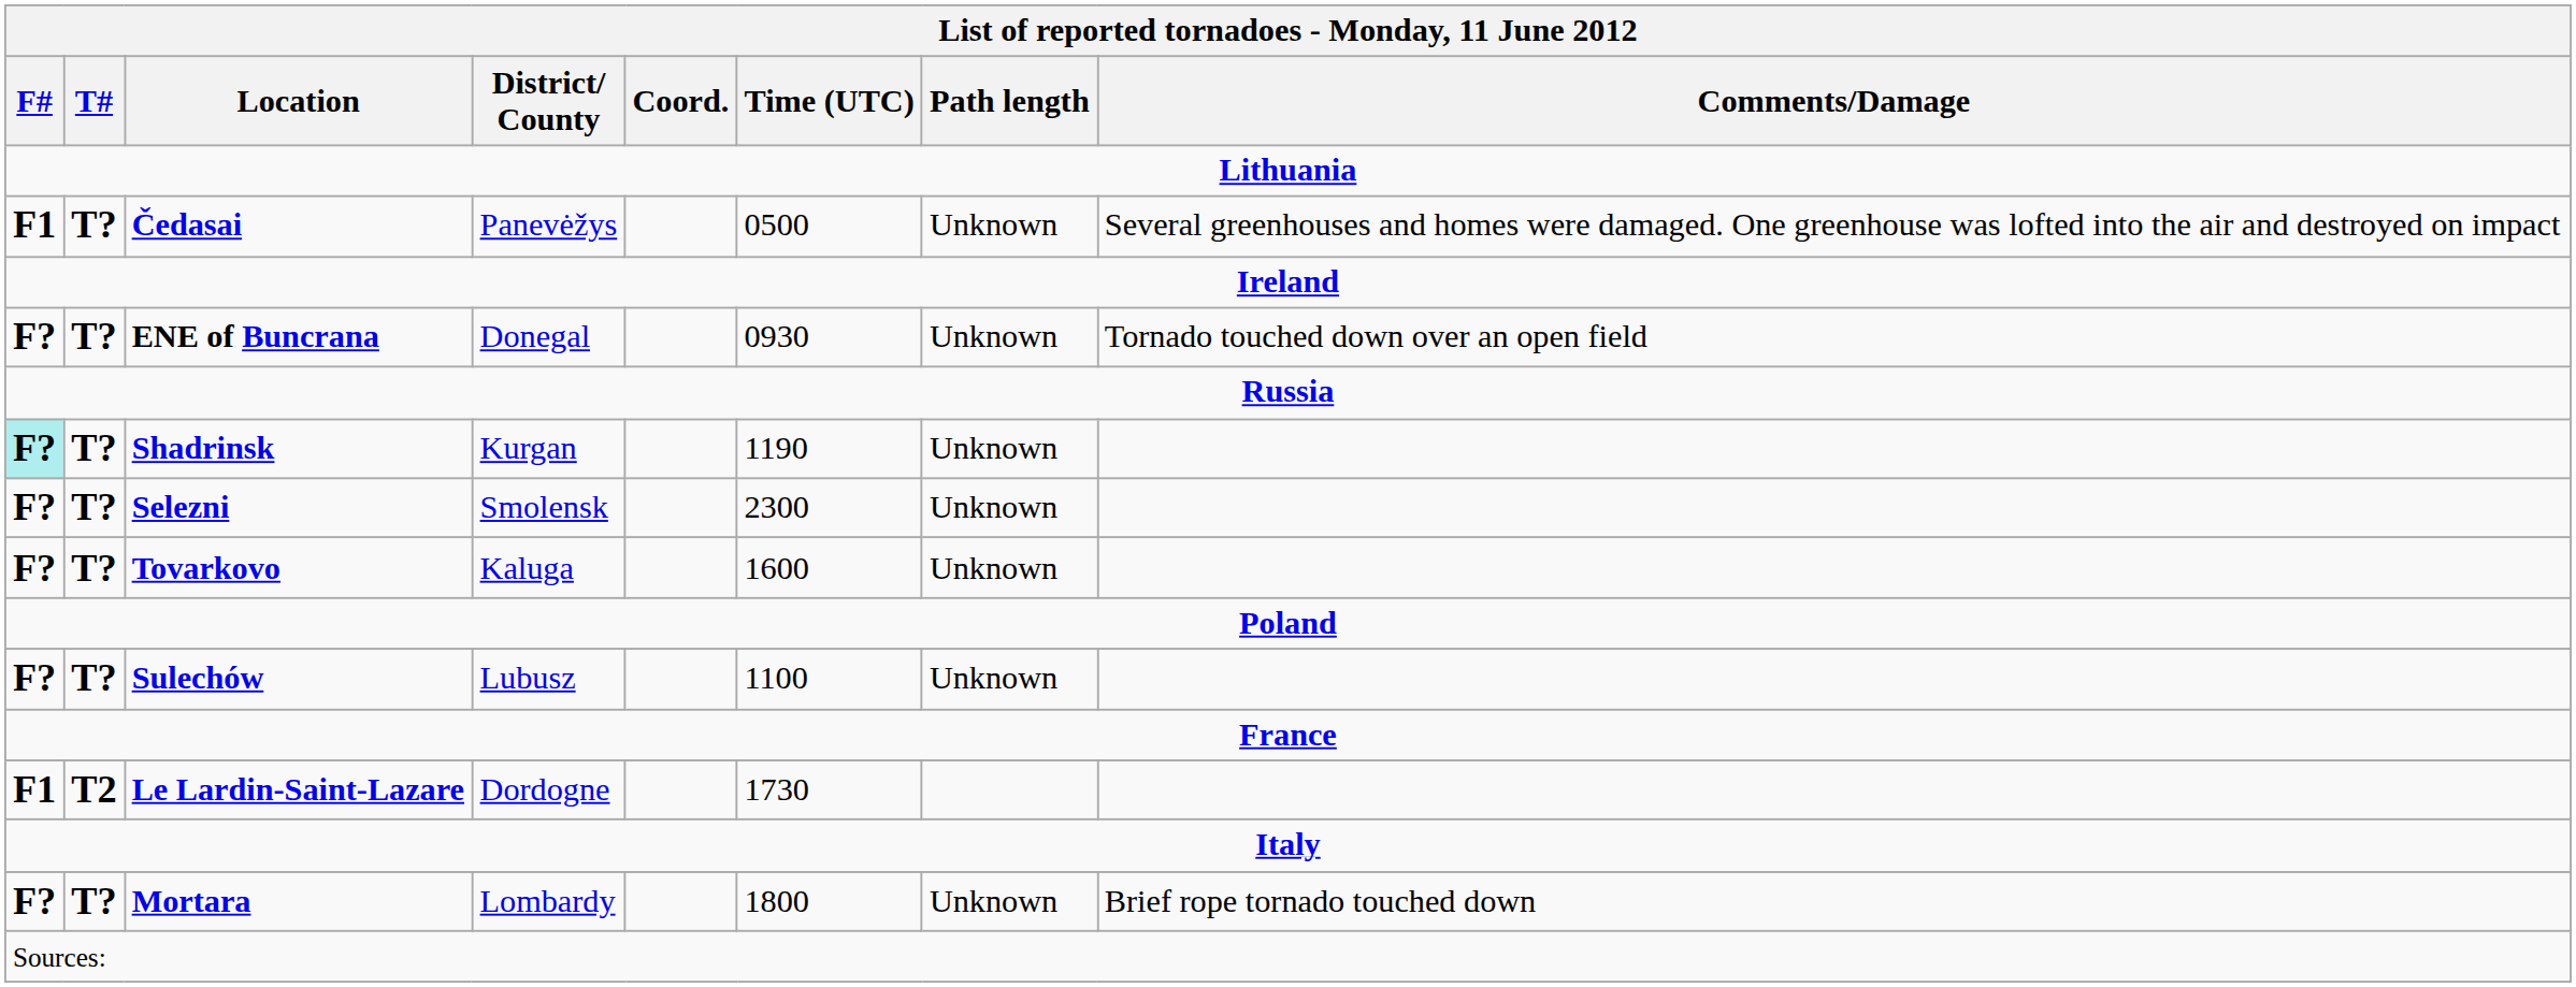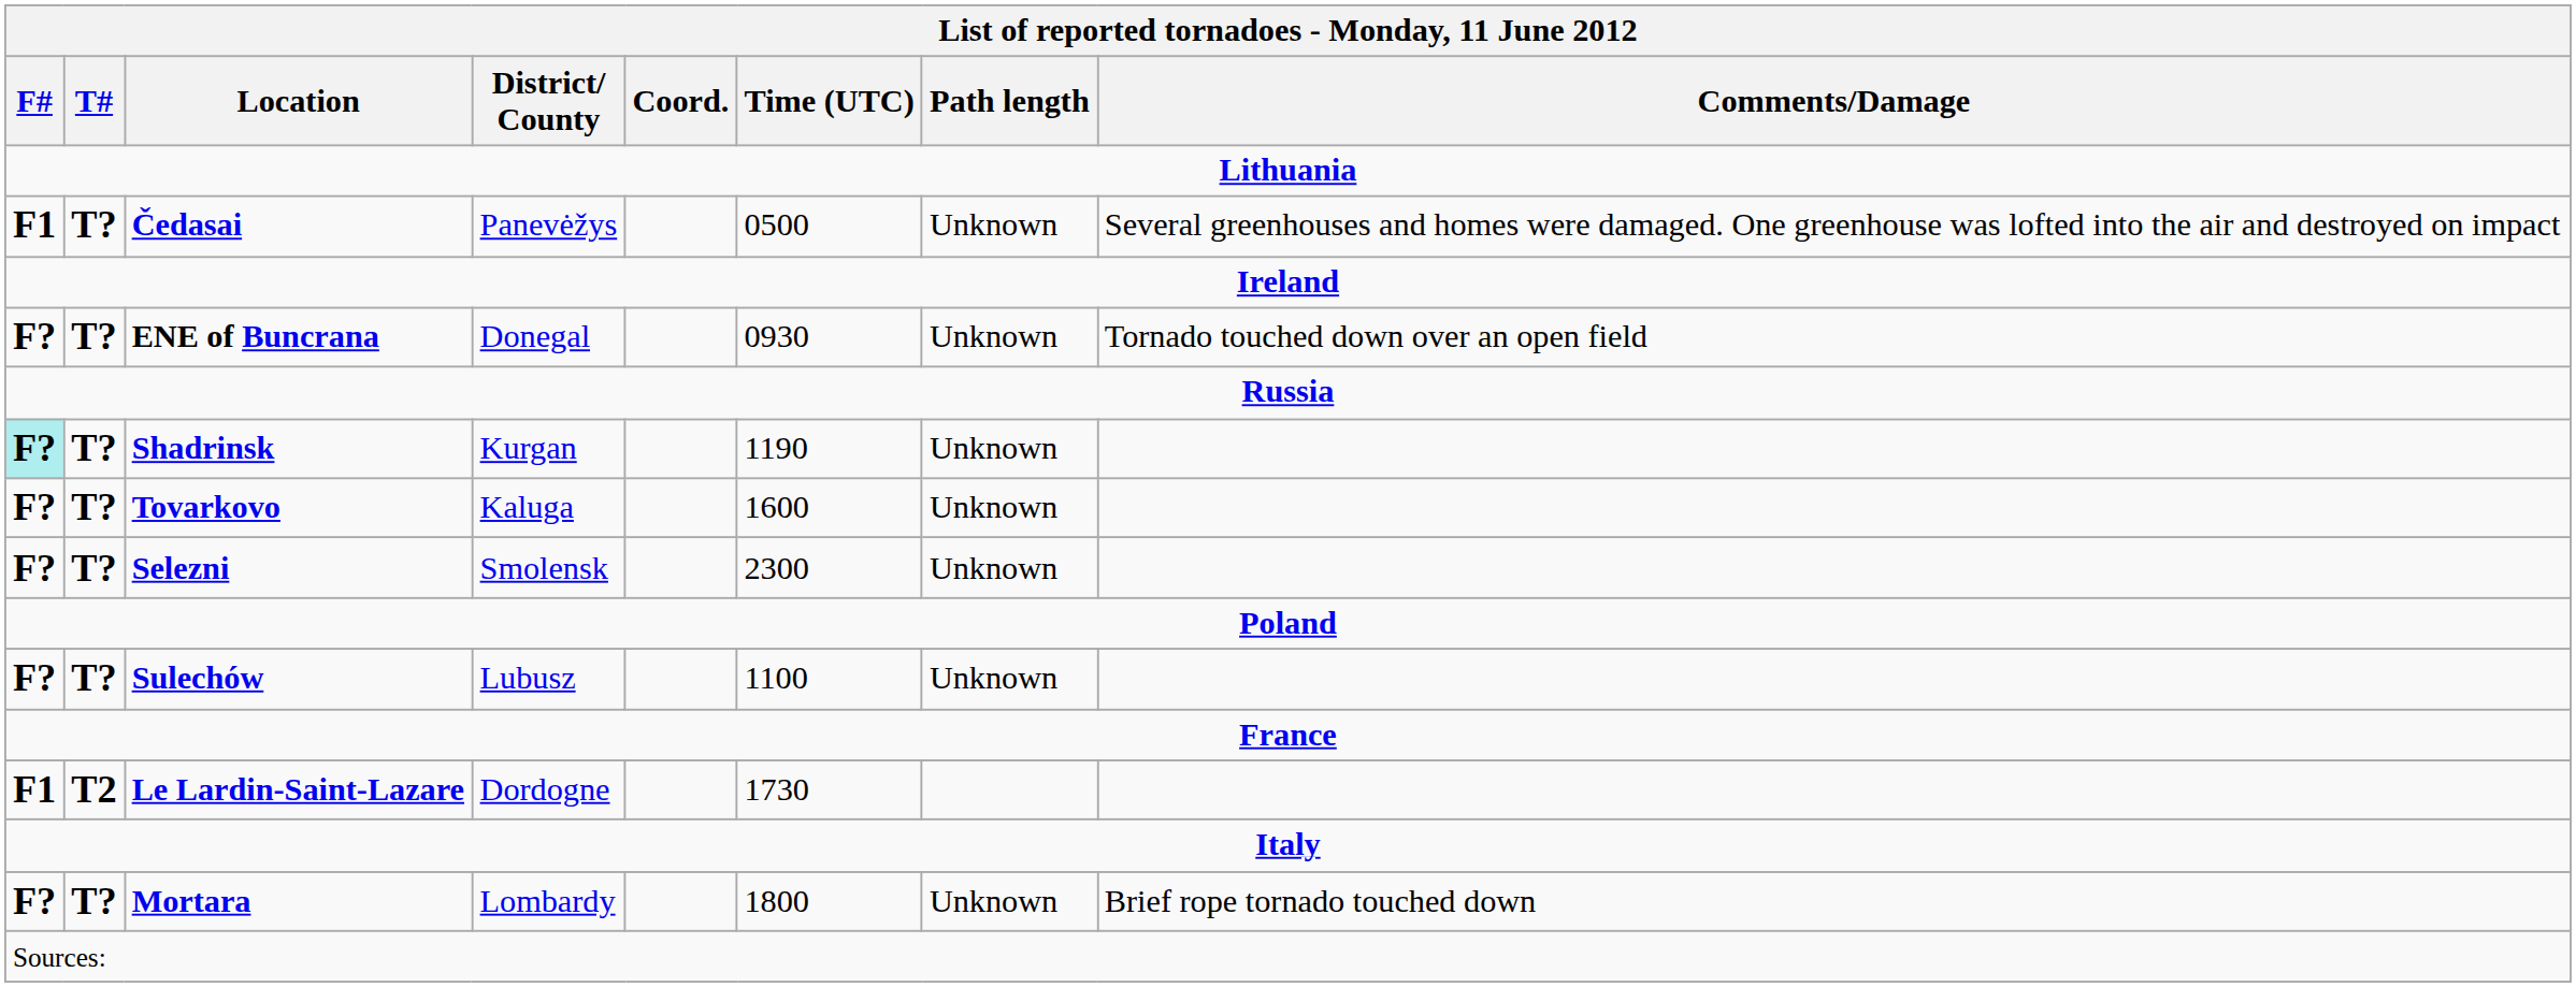 <table class="wikitable collapsible" width="100%">
 <tr>
 <th colspan="8">List of reported tornadoes - Monday, 11 June 2012</th>
 </tr>
 <tr>
 <th><a href='#'>F#</a></th>
 <th><a href='#'>T#</a></th>
 <th>Location</th>
 <th>District/<br>County</th>
 <th>Coord.</th>
 <th>Time (UTC)</th>
 <th>Path length</th>
 <th>Comments/Damage</th>
 </tr>
 <tr>
 <td colspan="8" align=center><strong><a href='#'>Lithuania</a></strong></td>
 </tr>
 <tr>
 <td><big><strong>F1</strong></big></td>
 <td><big><strong>T?</strong></big></td>
 <td><strong><a href='#'>Čedasai</a></strong></td>
 <td><a href='#'>Panevėžys</a></td>
 <td></td>
 <td>0500</td>
 <td>Unknown</td>
 <td>Several greenhouses and homes were damaged. One greenhouse was lofted into the air and destroyed on impact</td>
 </tr>
 <tr>
 <td colspan="8" align=center><strong><a href='#'>Ireland</a></strong></td>
 </tr>
 <tr>
 <td><big><strong>F?</strong></big></td>
 <td><big><strong>T?</strong></big></td>
 <td><strong>ENE of <a href='#'>Buncrana</a></strong></td>
 <td><a href='#'>Donegal</a></td>
 <td></td>
 <td>0930</td>
 <td>Unknown</td>
 <td>Tornado touched down over an open field</td>
 </tr>
 <tr>
 <td colspan="8" align=center><strong><a href='#'>Russia</a></strong></td>
 </tr>
 <tr>
 <td style="background: paleturquoise;"><big><strong>F?</strong></big></td>
 <td><big><strong>T?</strong></big></td>
 <td><strong><a href='#'>Shadrinsk</a></strong></td>
 <td><a href='#'>Kurgan</a></td>
 <td></td>
 <td>1190</td>
 <td>Unknown</td>
 <td></td>
 </tr>
 <tr>
 <td><big><strong>F?</strong></big></td>
 <td><big><strong>T?</strong></big></td>
-<td><strong><a href='#'>Selezni</a></strong></td>
-<td><a href='#'>Smolensk</a></td>
+<td><strong><a href='#'>Tovarkovo</a></strong></td>
+<td><a href='#'>Kaluga</a></td>
 <td></td>
-<td>2300</td>
+<td>1600</td>
 <td>Unknown</td>
 <td></td>
 </tr>
 <tr>
 <td><big><strong>F?</strong></big></td>
 <td><big><strong>T?</strong></big></td>
-<td><strong><a href='#'>Tovarkovo</a></strong></td>
-<td><a href='#'>Kaluga</a></td>
+<td><strong><a href='#'>Selezni</a></strong></td>
+<td><a href='#'>Smolensk</a></td>
 <td></td>
-<td>1600</td>
+<td>2300</td>
 <td>Unknown</td>
 <td></td>
 </tr>
 <tr>
 <td colspan="8" align=center><strong><a href='#'>Poland</a></strong></td>
 </tr>
 <tr>
 <td><big><strong>F?</strong></big></td>
 <td><big><strong>T?</strong></big></td>
 <td><strong><a href='#'>Sulechów</a></strong></td>
 <td><a href='#'>Lubusz</a></td>
 <td></td>
 <td>1100</td>
 <td>Unknown</td>
 <td></td>
 </tr>
 <tr>
 <td colspan="8" align=center><strong><a href='#'>France</a></strong></td>
 </tr>
 <tr>
 <td><big><strong>F1</strong></big></td>
 <td><big><strong>T2</strong></big></td>
 <td><strong><a href='#'>Le Lardin-Saint-Lazare</a></strong></td>
 <td><a href='#'>Dordogne</a></td>
 <td></td>
 <td>1730</td>
 <td></td>
 <td></td>
 </tr>
 <tr>
 <td colspan="8" align=center><strong><a href='#'>Italy</a></strong></td>
 </tr>
 <tr>
 <td><big><strong>F?</strong></big></td>
 <td><big><strong>T?</strong></big></td>
 <td><strong><a href='#'>Mortara</a></strong></td>
 <td><a href='#'>Lombardy</a></td>
 <td></td>
 <td>1800</td>
 <td>Unknown</td>
 <td>Brief rope tornado touched down</td>
 </tr>
 <tr>
 <td colspan="8"><small>Sources:  </small></td>
 </tr>
 </table>
